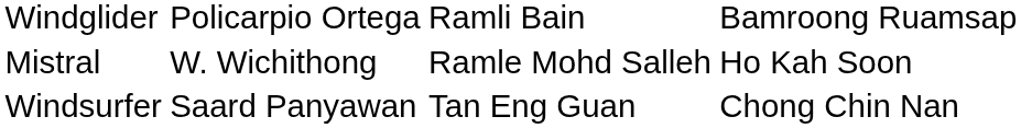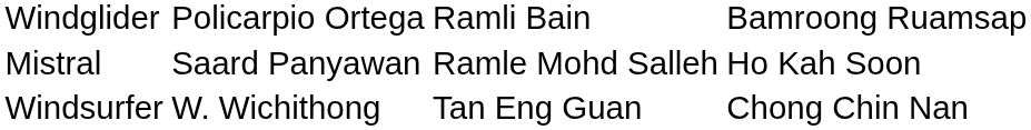 <table>
 <tr>
 <td>Windglider</td>
 <td> Policarpio Ortega</td>
 <td> Ramli Bain</td>
 <td> Bamroong Ruamsap</td>
 </tr>
 <tr>
 <td>Mistral</td>
-<td> W. Wichithong</td>
+<td> Saard Panyawan</td>
 <td> Ramle Mohd Salleh</td>
 <td> Ho Kah Soon</td>
 </tr>
 <tr>
 <td>Windsurfer</td>
-<td> Saard Panyawan</td>
+<td> W. Wichithong</td>
 <td> Tan Eng Guan</td>
 <td> Chong Chin Nan</td>
 </tr>
 </table>
